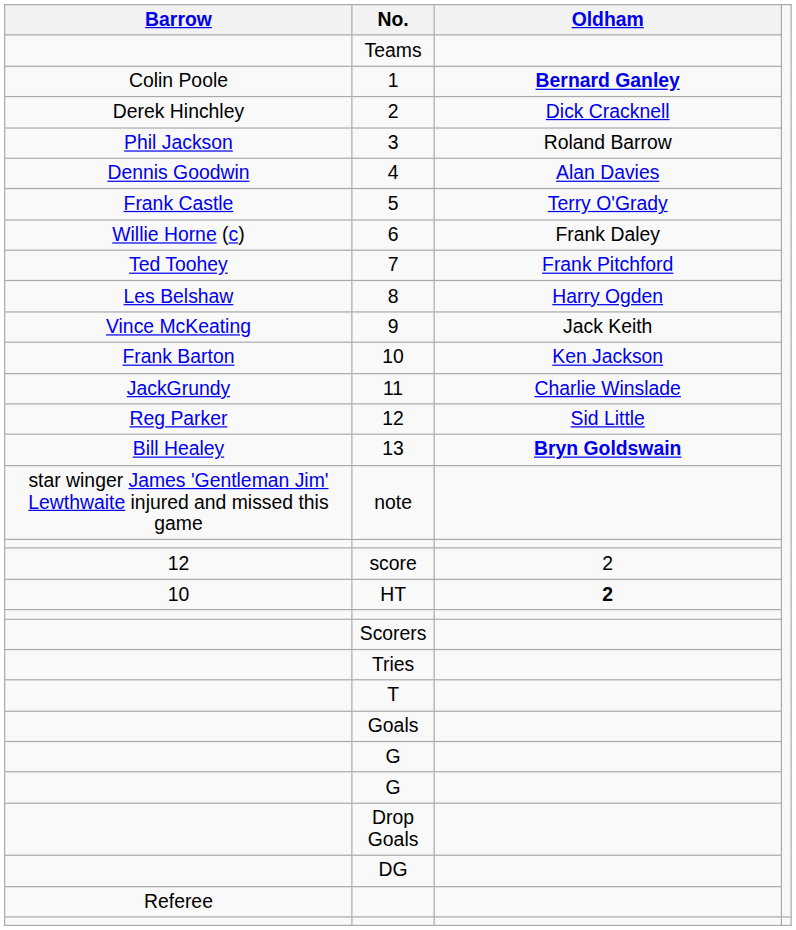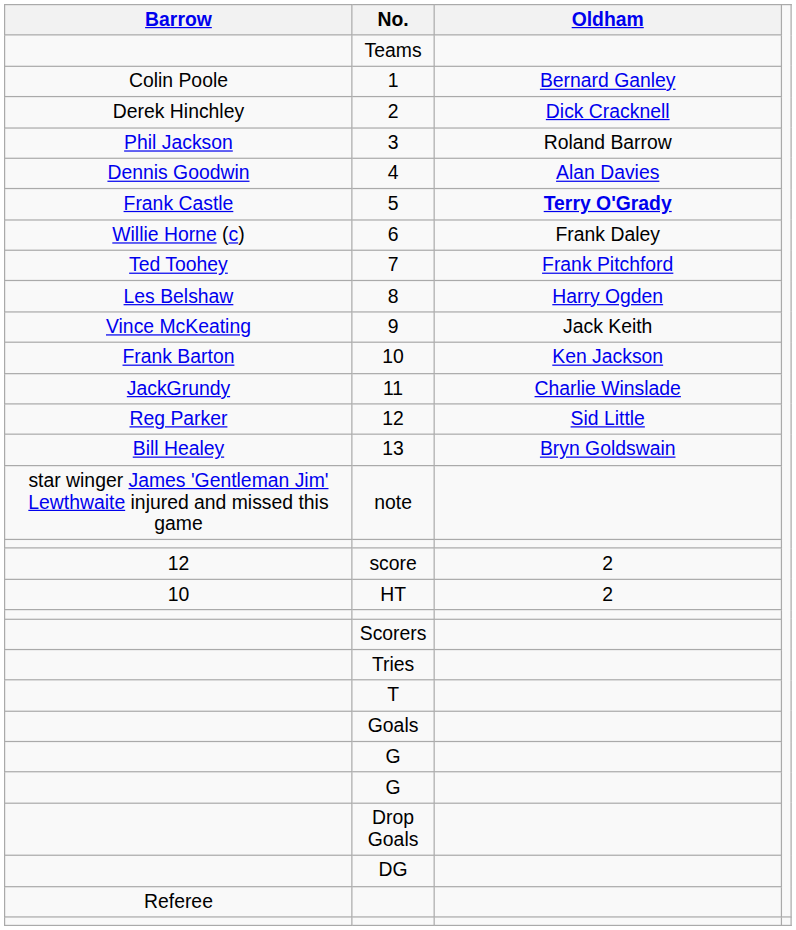 <table class="wikitable" style="text-align:center;">
 <tr>
 <th width=280 abbr="Barrow"><a href='#'>Barrow</a></th>
 <th width=60 abbr="Number">No.</th>
 <th width=280 abbr="Oldham"><a href='#'>Oldham</a></th>
 </tr>
 <tr>
 <td></td>
 <td>Teams</td>
 <td></td>
 </tr>
 <tr>
 <td>Colin Poole</td>
 <td>1</td>
-<td><strong><a href='#'>Bernard Ganley</a></strong></td>
+<td><a href='#'>Bernard Ganley</a></td>
 </tr>
 <tr>
 <td>Derek Hinchley</td>
 <td>2</td>
 <td><a href='#'>Dick Cracknell</a></td>
 </tr>
 <tr>
 <td><a href='#'>Phil Jackson</a></td>
 <td>3</td>
 <td>Roland Barrow</td>
 </tr>
 <tr>
 <td><a href='#'>Dennis Goodwin</a></td>
 <td>4</td>
 <td><a href='#'>Alan Davies</a></td>
 </tr>
 <tr>
 <td><a href='#'>Frank Castle</a></td>
 <td>5</td>
-<td><a href='#'>Terry O'Grady</a></td>
+<td><strong><a href='#'>Terry O'Grady</a></strong></td>
 </tr>
 <tr>
 <td><a href='#'>Willie Horne</a> (<a href='#'>c</a>)</td>
 <td>6</td>
 <td>Frank Daley</td>
 </tr>
 <tr>
 <td><a href='#'>Ted Toohey</a></td>
 <td>7</td>
 <td><a href='#'>Frank Pitchford</a></td>
 </tr>
 <tr>
 <td><a href='#'>Les Belshaw</a></td>
 <td>8</td>
 <td><a href='#'>Harry Ogden</a></td>
 </tr>
 <tr>
 <td><a href='#'>Vince McKeating</a></td>
 <td>9</td>
 <td>Jack Keith</td>
 </tr>
 <tr>
 <td><a href='#'>Frank Barton</a></td>
 <td>10</td>
 <td><a href='#'>Ken Jackson</a></td>
 </tr>
 <tr>
 <td><a href='#'>JackGrundy</a></td>
 <td>11</td>
 <td><a href='#'>Charlie Winslade</a></td>
 </tr>
 <tr>
 <td><a href='#'>Reg Parker</a></td>
 <td>12</td>
 <td><a href='#'>Sid Little</a></td>
 </tr>
 <tr>
 <td><a href='#'>Bill Healey</a></td>
 <td>13</td>
-<td><strong><a href='#'>Bryn Goldswain</a></strong></td>
+<td><a href='#'>Bryn Goldswain</a></td>
 </tr>
 <tr>
 <td>star winger <a href='#'>James 'Gentleman Jim' Lewthwaite</a> injured and missed this game</td>
 <td>note</td>
 <td></td>
 </tr>
 <tr>
 <td></td>
 <td></td>
 <td></td>
 </tr>
 <tr>
 <td>12</td>
 <td>score</td>
 <td>2</td>
 </tr>
 <tr>
 <td>10</td>
 <td>HT</td>
-<td><strong>2</strong></td>
+<td>2</td>
 </tr>
 <tr>
 <td></td>
 <td></td>
 <td></td>
 </tr>
 <tr>
 <td></td>
 <td>Scorers</td>
 <td></td>
 </tr>
 <tr>
 <td></td>
 <td>Tries</td>
 <td></td>
 </tr>
 <tr>
 <td></td>
 <td>T</td>
 <td></td>
 </tr>
 <tr>
 <td></td>
 <td>Goals</td>
 <td></td>
 </tr>
 <tr>
 <td></td>
 <td>G</td>
 <td></td>
 </tr>
 <tr>
 <td></td>
 <td>G</td>
 <td></td>
 </tr>
 <tr>
 <td></td>
 <td>Drop Goals</td>
 <td></td>
 </tr>
 <tr>
 <td></td>
 <td>DG</td>
 <td></td>
 </tr>
 <tr>
 <td>Referee</td>
 <td></td>
 <td></td>
 </tr>
 <tr>
 <td></td>
 <td></td>
 <td></td>
 <td></td>
 </tr>
 </table>
